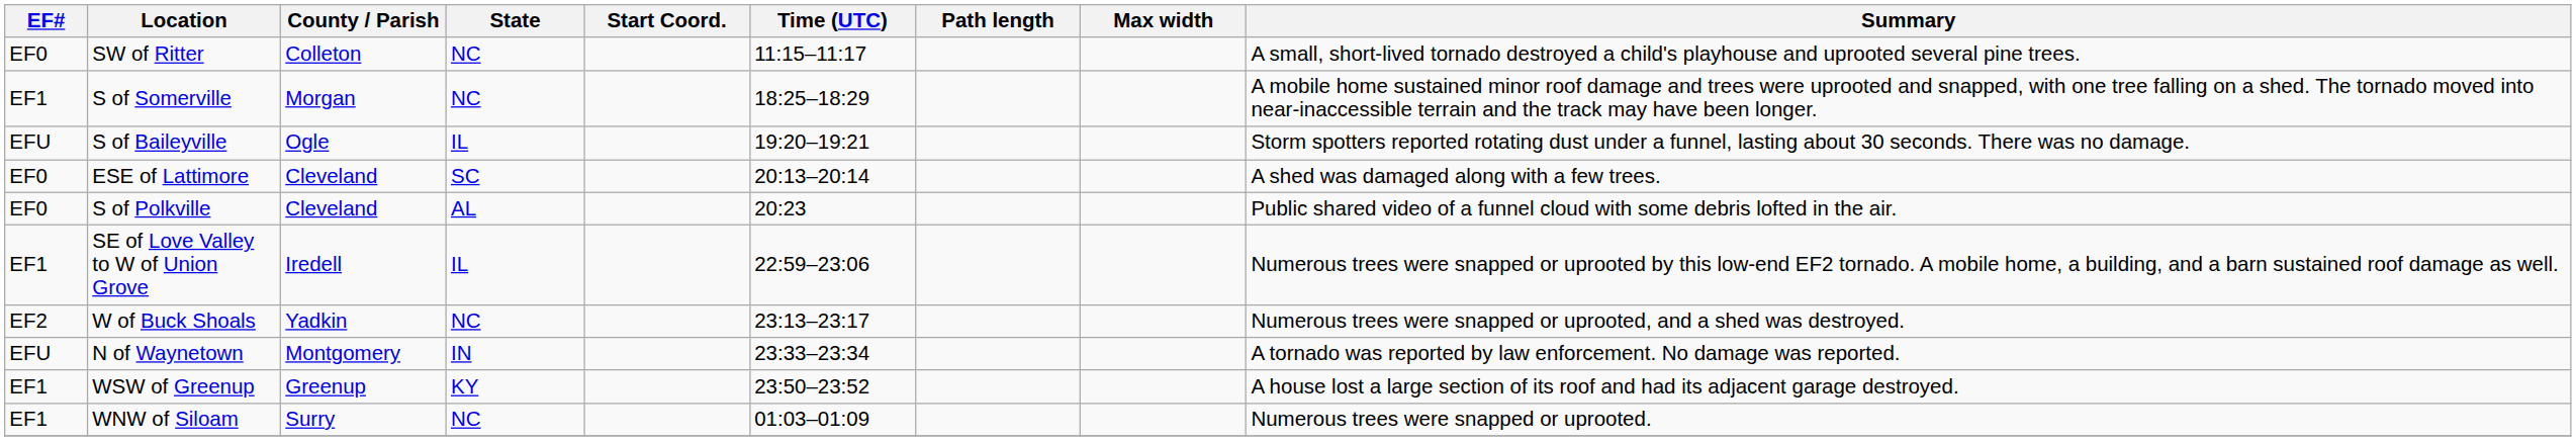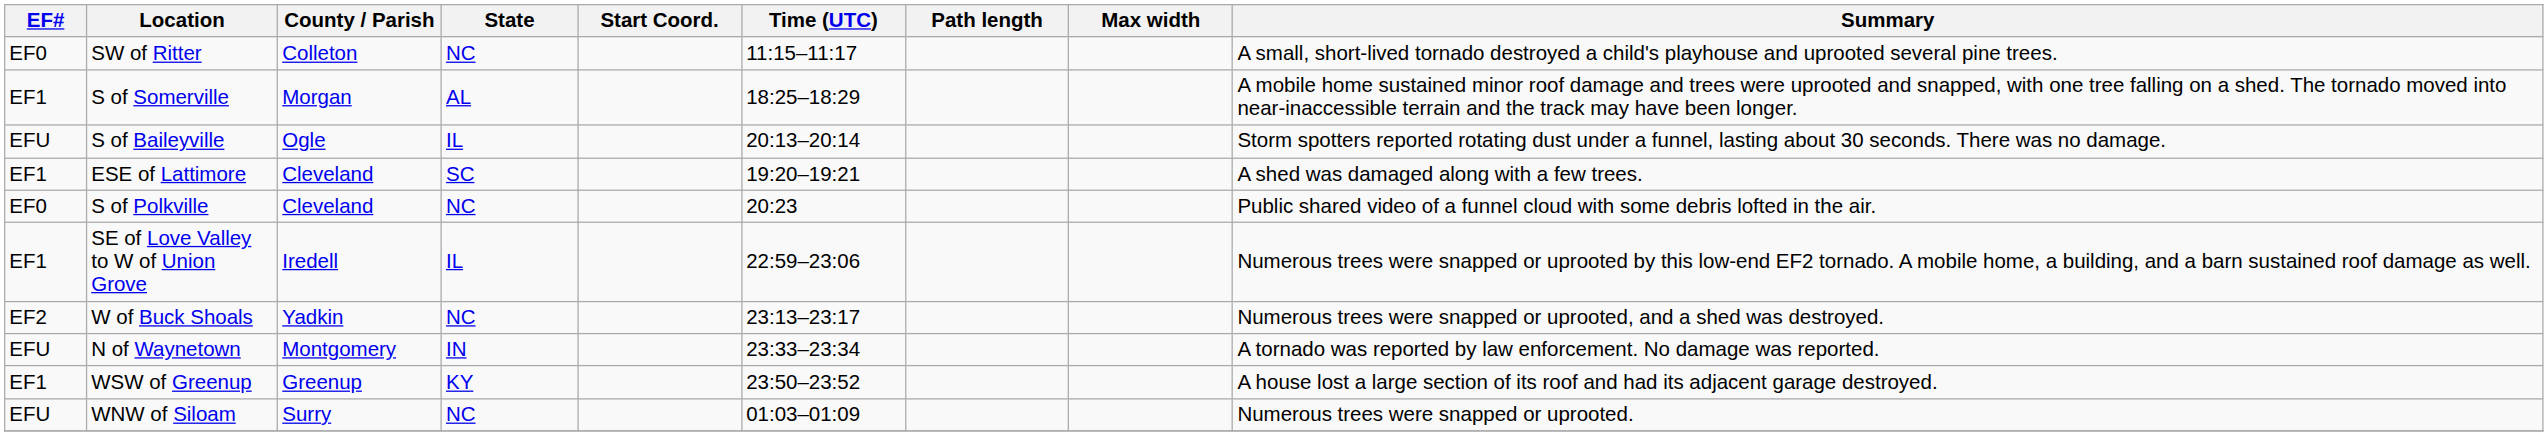 <table class="wikitable sortable" style="width:100%;">
 <tr>
 <th scope="col"  style="width:3%; text-align:center;"><a href='#'>EF#</a></th>
 <th scope="col"  style="width:7%; text-align:center;" class="unsortable">Location</th>
 <th scope="col"  style="width:6%; text-align:center;" class="unsortable">County / Parish</th>
 <th scope="col"  style="width:5%; text-align:center;">State</th>
 <th scope="col"  style="width:6%; text-align:center;">Start Coord.</th>
 <th scope="col"  style="width:6%; text-align:center;">Time (<a href='#'>UTC</a>)</th>
 <th scope="col"  style="width:6%; text-align:center;">Path length</th>
 <th scope="col"  style="width:6%; text-align:center;">Max width</th>
 <th scope="col" class="unsortable" style="width:48%; text-align:center;">Summary</th>
 </tr>
 <tr>
 <td>EF0</td>
 <td>SW of <a href='#'>Ritter</a></td>
 <td><a href='#'>Colleton</a></td>
 <td><a href='#'>NC</a></td>
 <td></td>
 <td>11:15–11:17</td>
 <td></td>
 <td></td>
 <td>A small, short-lived tornado destroyed a child's playhouse and uprooted several pine trees.</td>
 </tr>
 <tr>
 <td>EF1</td>
 <td>S of <a href='#'>Somerville</a></td>
 <td><a href='#'>Morgan</a></td>
-<td><a href='#'>NC</a></td>
+<td><a href='#'>AL</a></td>
 <td></td>
 <td>18:25–18:29</td>
 <td></td>
 <td></td>
 <td>A mobile home sustained minor roof damage and trees were uprooted and snapped, with one tree falling on a shed. The tornado moved into near-inaccessible terrain and the track may have been longer.</td>
 </tr>
 <tr>
 <td>EFU</td>
 <td>S of <a href='#'>Baileyville</a></td>
 <td><a href='#'>Ogle</a></td>
 <td><a href='#'>IL</a></td>
 <td></td>
-<td>19:20–19:21</td>
+<td>20:13–20:14</td>
 <td></td>
 <td></td>
 <td>Storm spotters reported rotating dust under a funnel, lasting about 30 seconds. There was no damage.</td>
 </tr>
 <tr>
-<td>EF0</td>
+<td>EF1</td>
 <td>ESE of <a href='#'>Lattimore</a></td>
 <td><a href='#'>Cleveland</a></td>
 <td><a href='#'>SC</a></td>
 <td></td>
-<td>20:13–20:14</td>
+<td>19:20–19:21</td>
 <td></td>
 <td></td>
 <td>A shed was damaged along with a few trees.</td>
 </tr>
 <tr>
 <td>EF0</td>
 <td>S of <a href='#'>Polkville</a></td>
 <td><a href='#'>Cleveland</a></td>
-<td><a href='#'>AL</a></td>
+<td><a href='#'>NC</a></td>
 <td></td>
 <td>20:23</td>
 <td></td>
 <td></td>
 <td>Public shared video of a funnel cloud with some debris lofted in the air.</td>
 </tr>
 <tr>
 <td>EF1</td>
 <td>SE of <a href='#'>Love Valley</a> to W of <a href='#'>Union Grove</a></td>
 <td><a href='#'>Iredell</a></td>
 <td><a href='#'>IL</a></td>
 <td></td>
 <td>22:59–23:06</td>
 <td></td>
 <td></td>
 <td>Numerous trees were snapped or uprooted by this low-end EF2 tornado. A mobile home, a building, and a barn sustained roof damage as well.</td>
 </tr>
 <tr>
 <td>EF2</td>
 <td>W of <a href='#'>Buck Shoals</a></td>
 <td><a href='#'>Yadkin</a></td>
 <td><a href='#'>NC</a></td>
 <td></td>
 <td>23:13–23:17</td>
 <td></td>
 <td></td>
 <td>Numerous trees were snapped or uprooted, and a shed was destroyed.</td>
 </tr>
 <tr>
 <td>EFU</td>
 <td>N of <a href='#'>Waynetown</a></td>
 <td><a href='#'>Montgomery</a></td>
 <td><a href='#'>IN</a></td>
 <td></td>
 <td>23:33–23:34</td>
 <td></td>
 <td></td>
 <td>A tornado was reported by law enforcement. No damage was reported.</td>
 </tr>
 <tr>
 <td>EF1</td>
 <td>WSW of <a href='#'>Greenup</a></td>
 <td><a href='#'>Greenup</a></td>
 <td><a href='#'>KY</a></td>
 <td></td>
 <td>23:50–23:52</td>
 <td></td>
 <td></td>
 <td>A house lost a large section of its roof and had its adjacent garage destroyed.</td>
 </tr>
 <tr>
-<td>EF1</td>
+<td>EFU</td>
 <td>WNW of <a href='#'>Siloam</a></td>
 <td><a href='#'>Surry</a></td>
 <td><a href='#'>NC</a></td>
 <td></td>
 <td>01:03–01:09</td>
 <td></td>
 <td></td>
 <td>Numerous trees were snapped or uprooted.</td>
 </tr>
 <tr>
 </tr>
 </table>
